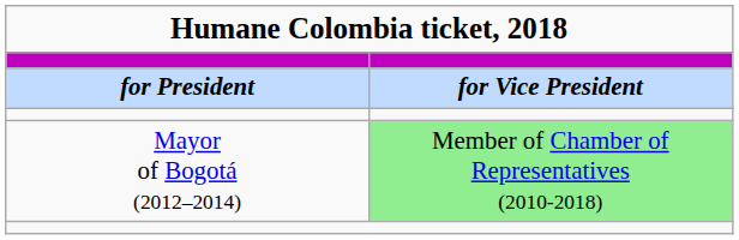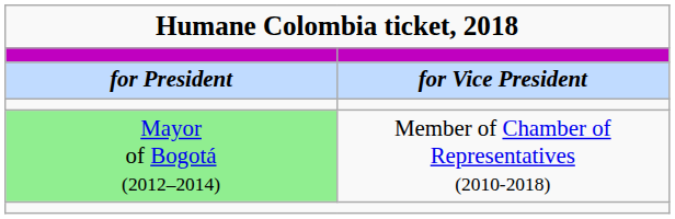 <table class="wikitable" style="font-size:90%; text-align:center;">
 <tr>
 <td colspan="28"><big><strong>Humane Colombia ticket, 2018</strong></big></td>
 </tr>
 <tr>
 <th style="width:3em; font-size:135%; background:#C000C0; width:200px;"></th>
 <th style="width:3em; font-size:135%; background:#C000C0; width:200px;"></th>
 </tr>
 <tr style="color:#000; font-size:100%; background:#C0DBFF;">
 <td style="width:3em; width:200px;"><strong><em>for President</em></strong></td>
 <td style="width:3em; width:200px;"><strong><em>for Vice President</em></strong></td>
 </tr>
 <tr>
 <td></td>
 <td></td>
 </tr>
 <tr>
-<td><a href='#'>Mayor</a><br>of <a href='#'>Bogotá</a><br><small>(2012–2014)</small></td>
-<td style="background: lightgreen;">Member of <a href='#'>Chamber of Representatives</a><br><small>(2010-2018)</small></td>
+<td style="background: lightgreen;"><a href='#'>Mayor</a><br>of <a href='#'>Bogotá</a><br><small>(2012–2014)</small></td>
+<td>Member of <a href='#'>Chamber of Representatives</a><br><small>(2010-2018)</small></td>
 </tr>
 <tr>
 <td colspan="2"></td>
 </tr>
 </table>
